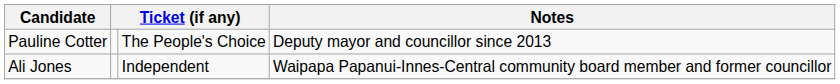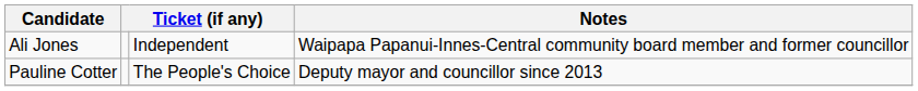 <table class="wikitable" style="font-size: 95%">
 <tr>
 <th>Candidate</th>
 <th colspan="2"><a href='#'>Ticket</a> (if any)</th>
 <th>Notes</th>
+</tr>
+<tr>
+<td>Ali Jones</td>
+<td style="background-color:"></td>
+<td>Independent</td>
+<td>Waipapa Papanui-Innes-Central community board member and former councillor</td>
 </tr>
 <tr>
 <td>Pauline Cotter</td>
 <td style="background-color:"></td>
 <td>The People's Choice</td>
 <td>Deputy mayor and councillor since 2013</td>
 </tr>
 <tr>
-<td>Ali Jones</td>
-<td style="background-color:"></td>
-<td>Independent</td>
-<td>Waipapa Papanui-Innes-Central community board member and former councillor</td>
-</tr>
-<tr>
 </tr>
 </table>
